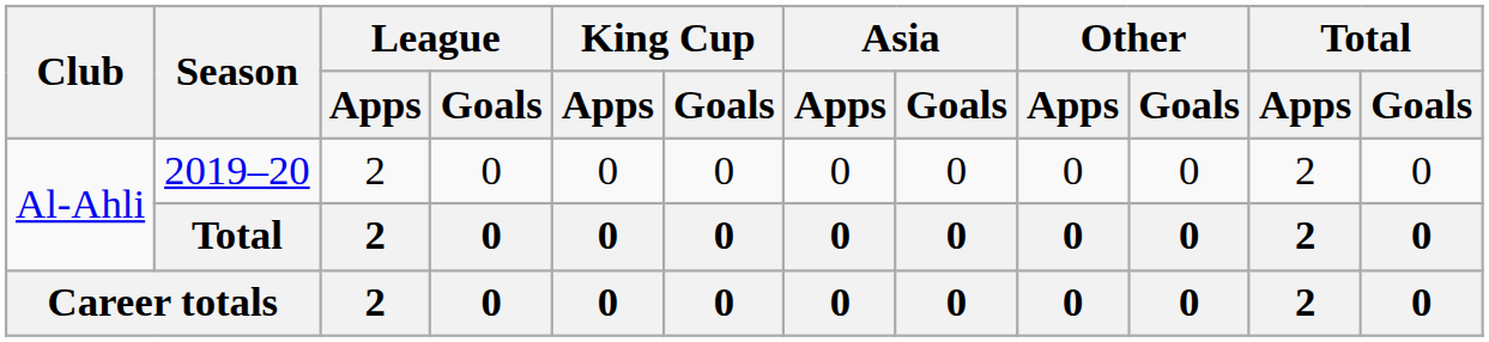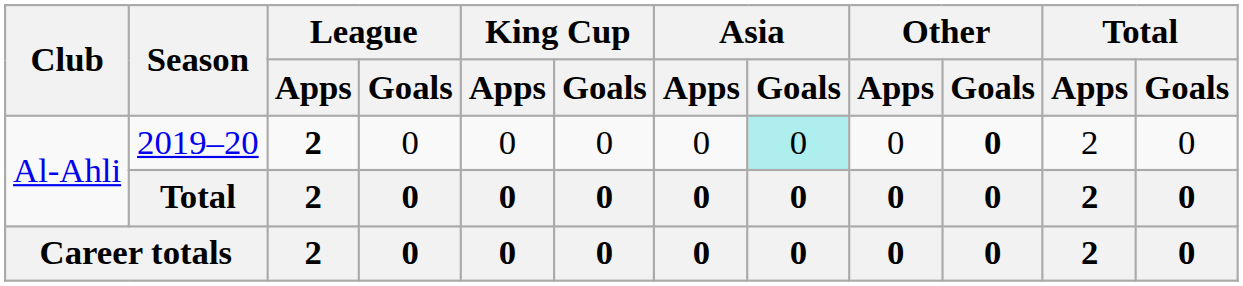 <table class="wikitable" style="text-align: center">
 <tr>
 <th rowspan=2>Club</th>
 <th rowspan=2>Season</th>
 <th colspan=2>League</th>
 <th colspan=2>King Cup</th>
 <th colspan=2>Asia</th>
 <th colspan=2>Other</th>
 <th colspan=2>Total</th>
 </tr>
 <tr>
 <th>Apps</th>
 <th>Goals</th>
 <th>Apps</th>
 <th>Goals</th>
 <th>Apps</th>
 <th>Goals</th>
 <th>Apps</th>
 <th>Goals</th>
 <th>Apps</th>
 <th>Goals</th>
 </tr>
 <tr>
 <td rowspan=2><a href='#'>Al-Ahli</a></td>
 <td><a href='#'>2019–20</a></td>
-<td>2</td>
+<td><strong>2</strong></td>
 <td>0</td>
 <td>0</td>
 <td>0</td>
 <td>0</td>
+<td style="background: paleturquoise;">0</td>
 <td>0</td>
-<td>0</td>
-<td>0</td>
+<td><strong>0</strong></td>
 <td>2</td>
 <td>0</td>
 </tr>
 <tr>
 <th>Total</th>
 <th>2</th>
 <th>0</th>
 <th>0</th>
 <th>0</th>
 <th>0</th>
 <th>0</th>
 <th>0</th>
 <th>0</th>
 <th>2</th>
 <th>0</th>
 </tr>
 <tr>
 <th colspan=2>Career totals</th>
 <th>2</th>
 <th>0</th>
 <th>0</th>
 <th>0</th>
 <th>0</th>
 <th>0</th>
 <th>0</th>
 <th>0</th>
 <th>2</th>
 <th>0</th>
 </tr>
 </table>
